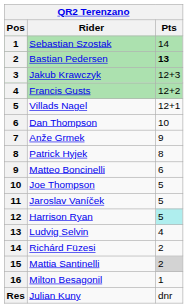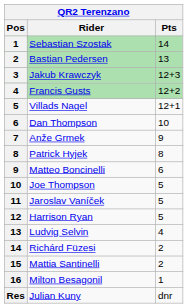 <table class="wikitable">
 <tr>
 <th colspan="3"><a href='#'>QR2 Terenzano</a></th>
 </tr>
 <tr>
 <th width=20>Pos</th>
 <th width=200>Rider</th>
 <th width=20>Pts</th>
 </tr>
 <tr style="background:#ACE1AF;">
 <th>1</th>
 <td> <a href='#'>Sebastian Szostak</a></td>
 <td>14</td>
 </tr>
 <tr style="background:#ACE1AF;">
 <th>2</th>
 <td> <a href='#'>Bastian Pedersen</a></td>
-<td><strong>13</strong></td>
+<td>13</td>
 </tr>
 <tr style="background:#ACE1AF;">
 <th>3</th>
 <td> <a href='#'>Jakub Krawczyk</a></td>
 <td>12+3</td>
 </tr>
 <tr style="background:#ACE1AF;">
 <th>4</th>
 <td> <a href='#'>Francis Gusts</a></td>
 <td>12+2</td>
 </tr>
 <tr>
 <th>5</th>
 <td> <a href='#'>Villads Nagel</a></td>
 <td>12+1</td>
 </tr>
 <tr>
 <th>6</th>
 <td> <a href='#'>Dan Thompson</a></td>
 <td>10</td>
 </tr>
 <tr>
 <th>7</th>
 <td> <a href='#'>Anže Grmek</a></td>
 <td>9</td>
 </tr>
 <tr>
 <th>8</th>
 <td> <a href='#'>Patrick Hyjek</a></td>
 <td>8</td>
 </tr>
 <tr>
 <th>9</th>
 <td> <a href='#'>Matteo Boncinelli</a></td>
 <td>6</td>
 </tr>
 <tr>
 <th>10</th>
 <td> <a href='#'>Joe Thompson</a></td>
 <td>5</td>
 </tr>
 <tr>
 <th>11</th>
 <td> <a href='#'>Jaroslav Vaníček</a></td>
 <td>5</td>
 </tr>
 <tr>
 <th>12</th>
 <td> <a href='#'>Harrison Ryan</a></td>
-<td style="background: paleturquoise;">5</td>
+<td>5</td>
 </tr>
 <tr>
 <th>13</th>
 <td> <a href='#'>Ludvig Selvin</a></td>
 <td>4</td>
 </tr>
 <tr>
 <th>14</th>
 <td> <a href='#'>Richárd Füzesi</a></td>
 <td>2</td>
 </tr>
 <tr>
 <th>15</th>
 <td> <a href='#'>Mattia Santinelli</a></td>
-<td style="background: lightgrey;">2</td>
+<td>2</td>
 </tr>
 <tr>
 <th>16</th>
 <td> <a href='#'>Milton Besagonil</a></td>
 <td>1</td>
 </tr>
 <tr>
 <th>Res</th>
 <td> <a href='#'>Julian Kuny</a></td>
 <td>dnr</td>
 </tr>
 </table>
